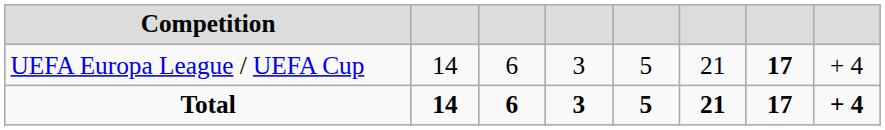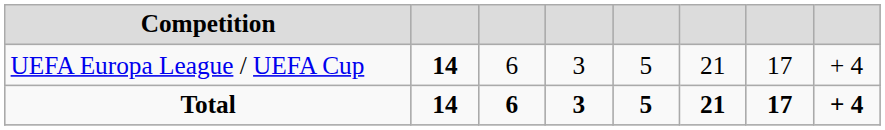 <table class="wikitable" style="text-align: center;">
 <tr>
 <th style="width:250px; background:#dcdcdc;">Competition</th>
 <th style="width:35px; background:#dcdcdc;"></th>
 <th style="width:35px; background:#dcdcdc;"></th>
 <th style="width:35px; background:#dcdcdc;"></th>
 <th style="width:35px; background:#dcdcdc;"></th>
 <th style="width:35px; background:#dcdcdc;"></th>
 <th style="width:35px; background:#dcdcdc;"></th>
 <th style="width:35px; background:#dcdcdc;"></th>
 </tr>
 <tr>
 <td align=left><a href='#'>UEFA Europa League</a> / <a href='#'>UEFA Cup</a></td>
-<td>14</td>
+<td><strong>14</strong></td>
 <td>6</td>
 <td>3</td>
 <td>5</td>
 <td>21</td>
-<td><strong>17</strong></td>
+<td>17</td>
 <td>+ 4</td>
 </tr>
 <tr>
 <td><strong>Total</strong></td>
 <td><strong>14</strong></td>
 <td><strong>6</strong></td>
 <td><strong>3</strong></td>
 <td><strong>5</strong></td>
 <td><strong>21</strong></td>
 <td><strong>17</strong></td>
 <td><strong>+ 4</strong></td>
 </tr>
 </table>
